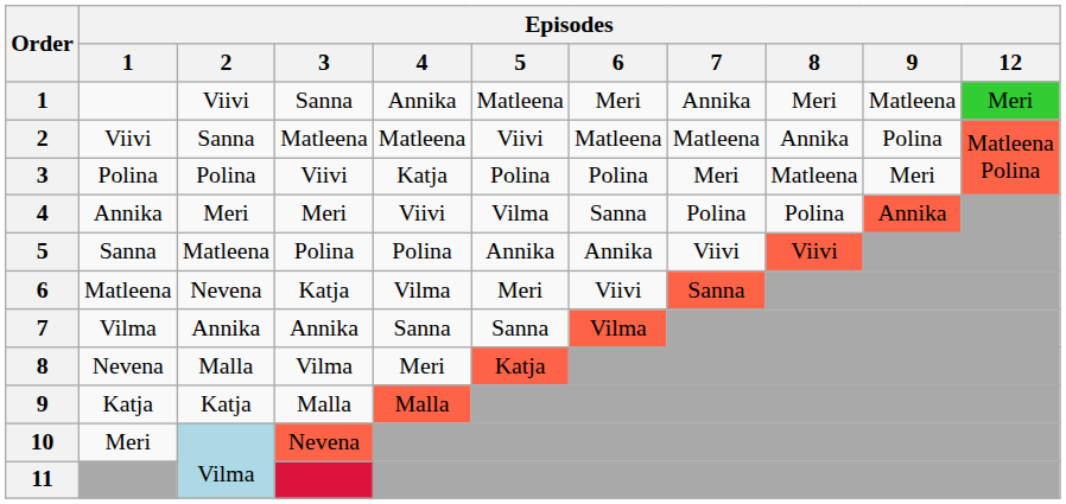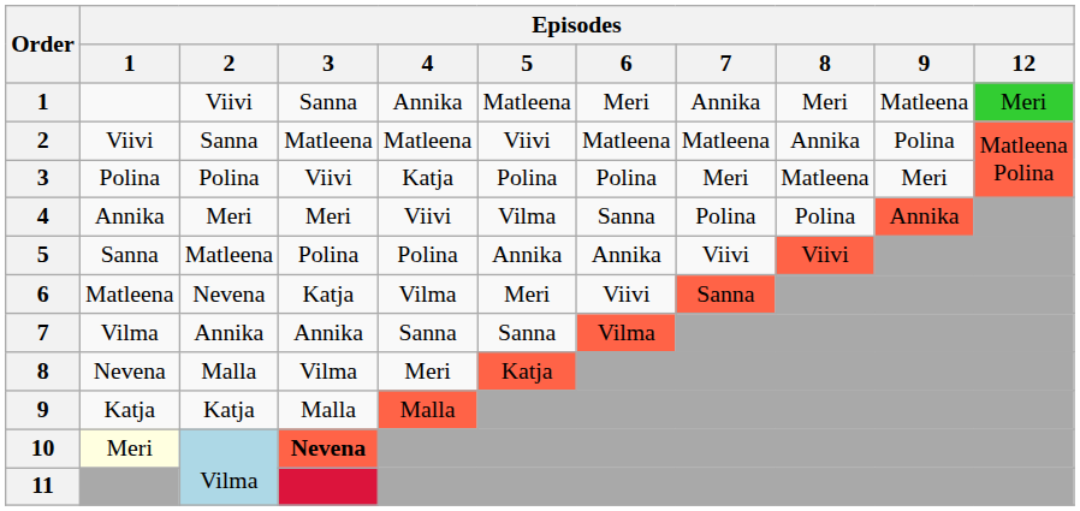 <table class="wikitable" style="text-align:center; font-size:92%">
 <tr>
 <th rowspan=2>Order</th>
 <th colspan="10">Episodes</th>
 </tr>
 <tr>
 <th>1</th>
 <th>2</th>
 <th>3</th>
 <th>4</th>
 <th>5</th>
 <th>6</th>
 <th>7</th>
 <th>8</th>
 <th>9</th>
 <th>12</th>
 </tr>
 <tr>
 <th>1</th>
 <td></td>
 <td>Viivi</td>
 <td>Sanna</td>
 <td>Annika</td>
 <td>Matleena</td>
 <td>Meri</td>
 <td>Annika</td>
 <td>Meri</td>
 <td>Matleena</td>
 <td style="background:limegreen;">Meri</td>
 </tr>
 <tr>
 <th>2</th>
 <td>Viivi</td>
 <td>Sanna</td>
 <td>Matleena</td>
 <td>Matleena</td>
 <td>Viivi</td>
 <td>Matleena</td>
 <td>Matleena</td>
 <td>Annika</td>
 <td>Polina</td>
 <td rowspan="2" style="background:tomato;">Matleena<br>Polina</td>
 </tr>
 <tr>
 <th>3</th>
 <td>Polina</td>
 <td>Polina</td>
 <td>Viivi</td>
 <td>Katja</td>
 <td>Polina</td>
 <td>Polina</td>
 <td>Meri</td>
 <td>Matleena</td>
 <td>Meri</td>
 </tr>
 <tr>
 <th>4</th>
 <td>Annika</td>
 <td>Meri</td>
 <td>Meri</td>
 <td>Viivi</td>
 <td>Vilma</td>
 <td>Sanna</td>
 <td>Polina</td>
 <td>Polina</td>
 <td style="background:tomato;">Annika</td>
 <td bgcolor="darkgray"></td>
 </tr>
 <tr>
 <th>5</th>
 <td>Sanna</td>
 <td>Matleena</td>
 <td>Polina</td>
 <td>Polina</td>
 <td>Annika</td>
 <td>Annika</td>
 <td>Viivi</td>
 <td style="background:tomato;">Viivi</td>
 <td colspan="2" bgcolor="darkgray"></td>
 </tr>
 <tr>
 <th>6</th>
 <td>Matleena</td>
 <td>Nevena</td>
 <td>Katja</td>
 <td>Vilma</td>
 <td>Meri</td>
 <td>Viivi</td>
 <td style="background:tomato;">Sanna</td>
 <td colspan="3" bgcolor="darkgray"></td>
 </tr>
 <tr>
 <th>7</th>
 <td>Vilma</td>
 <td>Annika</td>
 <td>Annika</td>
 <td>Sanna</td>
 <td>Sanna</td>
 <td style="background:tomato;">Vilma</td>
 <td colspan="4" bgcolor="darkgray"></td>
 </tr>
 <tr>
 <th>8</th>
 <td>Nevena</td>
 <td>Malla</td>
 <td>Vilma</td>
 <td>Meri</td>
 <td style="background:tomato;">Katja</td>
 <td colspan="5" bgcolor="darkgray"></td>
 </tr>
 <tr>
 <th>9</th>
 <td>Katja</td>
 <td>Katja</td>
 <td>Malla</td>
 <td style="background:tomato;">Malla</td>
 <td colspan="6" bgcolor="darkgray"></td>
 </tr>
 <tr>
 <th>10</th>
-<td>Meri</td>
+<td style="background: lightyellow;">Meri</td>
 <td rowspan="2" bgcolor="lightblue"> <br> Vilma</td>
-<td style="background:tomato;">Nevena</td>
+<td style="background:tomato;"><strong>Nevena</strong></td>
 <td colspan="7" bgcolor="darkgray"></td>
 </tr>
 <tr>
 <th>11</th>
 <td style="background:darkgrey"></td>
 <td style="background:crimson;"></td>
 <td colspan="7" bgcolor="darkgray"></td>
 </tr>
 </table>
